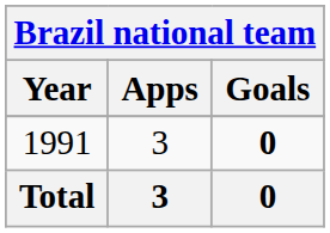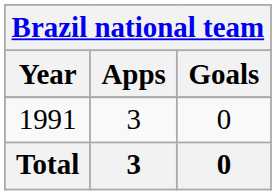 <table class="wikitable" style="text-align:center">
 <tr>
 <th colspan=3><a href='#'>Brazil national team</a></th>
 </tr>
 <tr>
 <th>Year</th>
 <th>Apps</th>
 <th>Goals</th>
 </tr>
 <tr>
 </tr>
 <tr>
 <td>1991</td>
 <td>3</td>
-<td><strong>0</strong></td>
+<td>0</td>
 </tr>
 <tr>
 <th>Total</th>
 <th>3</th>
 <th>0</th>
 </tr>
 </table>
